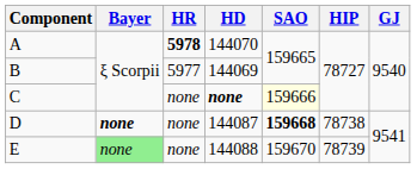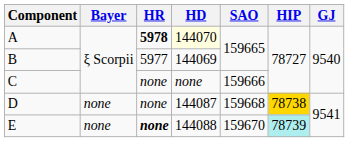 <table class="wikitable">
 <tr>
 <th>Component</th>
 <th><a href='#'>Bayer</a></th>
 <th><a href='#'>HR</a></th>
 <th><a href='#'>HD</a></th>
 <th><a href='#'>SAO</a></th>
 <th><a href='#'>HIP</a></th>
 <th><a href='#'>GJ</a></th>
 </tr>
 <tr>
 <td>A</td>
 <td rowspan="3">ξ Scorpii</td>
 <td><strong>5978</strong></td>
-<td>144070</td>
+<td style="background: lightyellow;">144070</td>
 <td rowspan="2">159665</td>
 <td rowspan="3">78727</td>
 <td rowspan="3">9540</td>
 </tr>
 <tr>
 <td>B</td>
 <td>5977</td>
 <td>144069</td>
 </tr>
 <tr>
 <td>C</td>
 <td><em>none</em></td>
-<td><strong><em>none</em></strong></td>
-<td style="background: lightyellow;">159666</td>
+<td><em>none</em></td>
+<td>159666</td>
 </tr>
 <tr>
 <td>D</td>
-<td><strong><em>none</em></strong></td>
+<td><em>none</em></td>
 <td><em>none</em></td>
 <td>144087</td>
-<td><strong>159668</strong></td>
-<td>78738</td>
+<td>159668</td>
+<td style="background: gold;">78738</td>
 <td rowspan="2">9541</td>
 </tr>
 <tr>
 <td>E</td>
-<td style="background: lightgreen;"><em>none</em></td>
 <td><em>none</em></td>
+<td><strong><em>none</em></strong></td>
 <td>144088</td>
 <td>159670</td>
-<td>78739</td>
+<td style="background: paleturquoise;">78739</td>
 </tr>
 </table>
